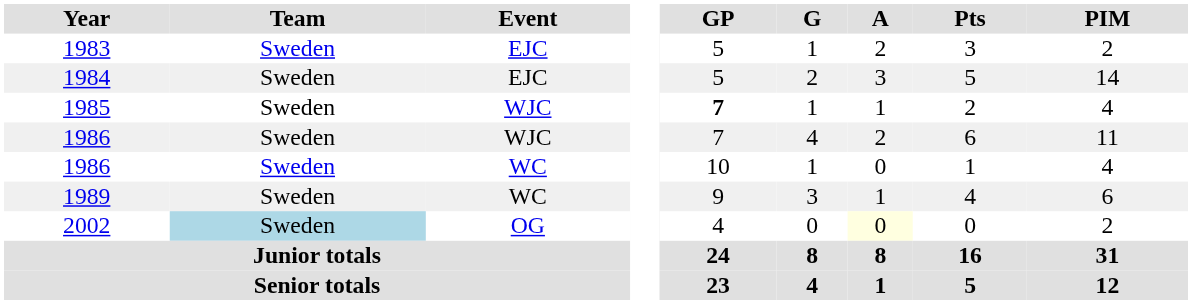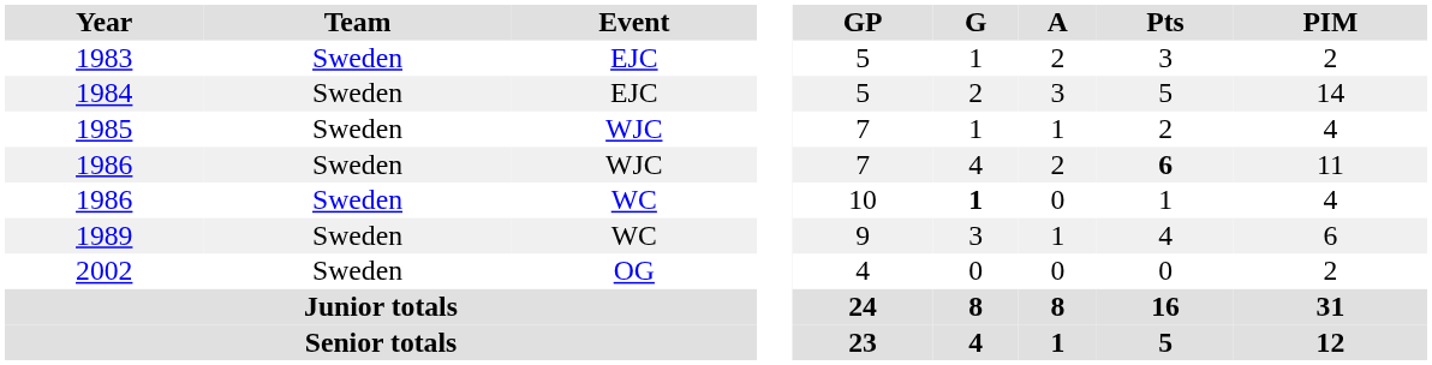 <table border="0" cellpadding="1" cellspacing="0" style="text-align:center; width:50em">
 <tr ALIGN="center" bgcolor="#e0e0e0">
 <th>Year</th>
 <th>Team</th>
 <th>Event</th>
 <th rowspan="99" bgcolor="#ffffff"> </th>
 <th>GP</th>
 <th>G</th>
 <th>A</th>
 <th>Pts</th>
 <th>PIM</th>
 </tr>
 <tr>
 <td><a href='#'>1983</a></td>
 <td><a href='#'>Sweden</a></td>
 <td><a href='#'>EJC</a></td>
 <td>5</td>
 <td>1</td>
 <td>2</td>
 <td>3</td>
 <td>2</td>
 </tr>
 <tr bgcolor="#f0f0f0">
 <td><a href='#'>1984</a></td>
 <td>Sweden</td>
 <td>EJC</td>
 <td>5</td>
 <td>2</td>
 <td>3</td>
 <td>5</td>
 <td>14</td>
 </tr>
 <tr>
 <td><a href='#'>1985</a></td>
 <td>Sweden</td>
 <td><a href='#'>WJC</a></td>
-<td><strong>7</strong></td>
+<td>7</td>
 <td>1</td>
 <td>1</td>
 <td>2</td>
 <td>4</td>
 </tr>
 <tr bgcolor="#f0f0f0">
 <td><a href='#'>1986</a></td>
 <td>Sweden</td>
 <td>WJC</td>
 <td>7</td>
 <td>4</td>
 <td>2</td>
-<td>6</td>
+<td><strong>6</strong></td>
 <td>11</td>
 </tr>
 <tr>
 <td><a href='#'>1986</a></td>
 <td><a href='#'>Sweden</a></td>
 <td><a href='#'>WC</a></td>
 <td>10</td>
-<td>1</td>
+<td><strong>1</strong></td>
 <td>0</td>
 <td>1</td>
 <td>4</td>
 </tr>
 <tr bgcolor="#f0f0f0">
 <td><a href='#'>1989</a></td>
 <td>Sweden</td>
 <td>WC</td>
 <td>9</td>
 <td>3</td>
 <td>1</td>
 <td>4</td>
 <td>6</td>
 </tr>
 <tr>
 <td><a href='#'>2002</a></td>
-<td style="background: lightblue;">Sweden</td>
+<td>Sweden</td>
 <td><a href='#'>OG</a></td>
 <td>4</td>
 <td>0</td>
-<td style="background: lightyellow;">0</td>
+<td>0</td>
 <td>0</td>
 <td>2</td>
 </tr>
 <tr bgcolor="#e0e0e0">
 <th colspan=3>Junior totals</th>
 <th>24</th>
 <th>8</th>
 <th>8</th>
 <th>16</th>
 <th>31</th>
 </tr>
 <tr bgcolor="#e0e0e0">
 <th colspan=3>Senior totals</th>
 <th>23</th>
 <th>4</th>
 <th>1</th>
 <th>5</th>
 <th>12</th>
 </tr>
 </table>
